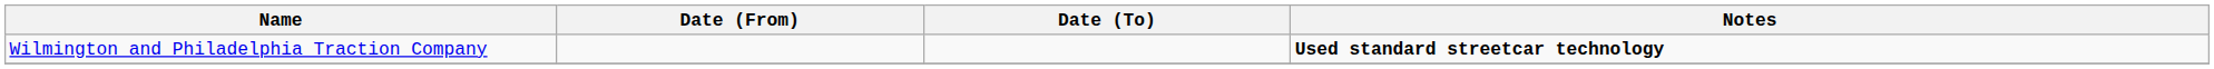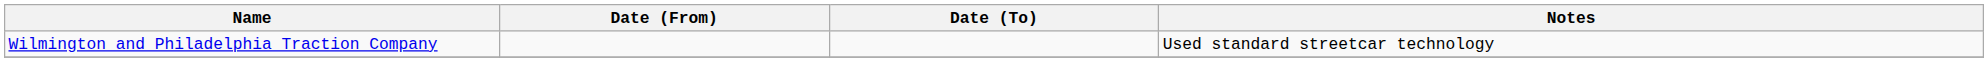 <table class="wikitable sortable" width=100%>
 <tr>
 <th width=15%>Name</th>
 <th width=10%>Date (From)</th>
 <th width=10%>Date (To)</th>
 <th class="unsortable" width=25%>Notes</th>
 </tr>
 <tr>
 <td><a href='#'>Wilmington and Philadelphia Traction Company</a></td>
 <td></td>
 <td></td>
-<td><strong>Used standard streetcar technology</strong></td>
+<td>Used standard streetcar technology</td>
 </tr>
 <tr>
 </tr>
 </table>
